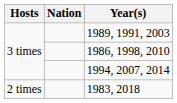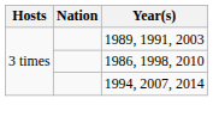 <table class="wikitable">
 <tr>
 <th>Hosts</th>
 <th>Nation</th>
 <th>Year(s)</th>
 </tr>
 <tr>
 <td align=center rowspan=3>3 times</td>
 <td></td>
 <td>1989, 1991, 2003</td>
 </tr>
 <tr>
 <td></td>
 <td>1986, 1998, 2010</td>
 </tr>
 <tr>
 <td></td>
 <td>1994, 2007, 2014</td>
 </tr>
-<tr>
-<td align=center>2 times</td>
-<td></td>
-<td>1983, 2018</td>
-</tr>
 </table>
